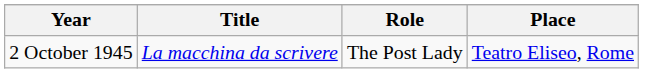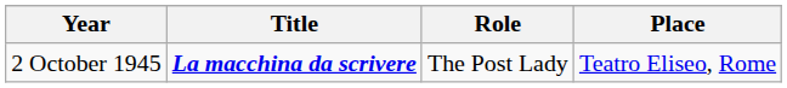 <table class="wikitable">
 <tr>
 </tr>
 <tr>
 <th>Year</th>
 <th>Title</th>
 <th>Role</th>
 <th>Place</th>
 </tr>
 <tr>
 <td>2 October 1945</td>
-<td><em><a href='#'>La macchina da scrivere</a></em></td>
+<td><strong><em><a href='#'>La macchina da scrivere</a></em></strong></td>
 <td>The Post Lady</td>
 <td><a href='#'>Teatro Eliseo</a>, <a href='#'>Rome</a></td>
 </tr>
 </table>
